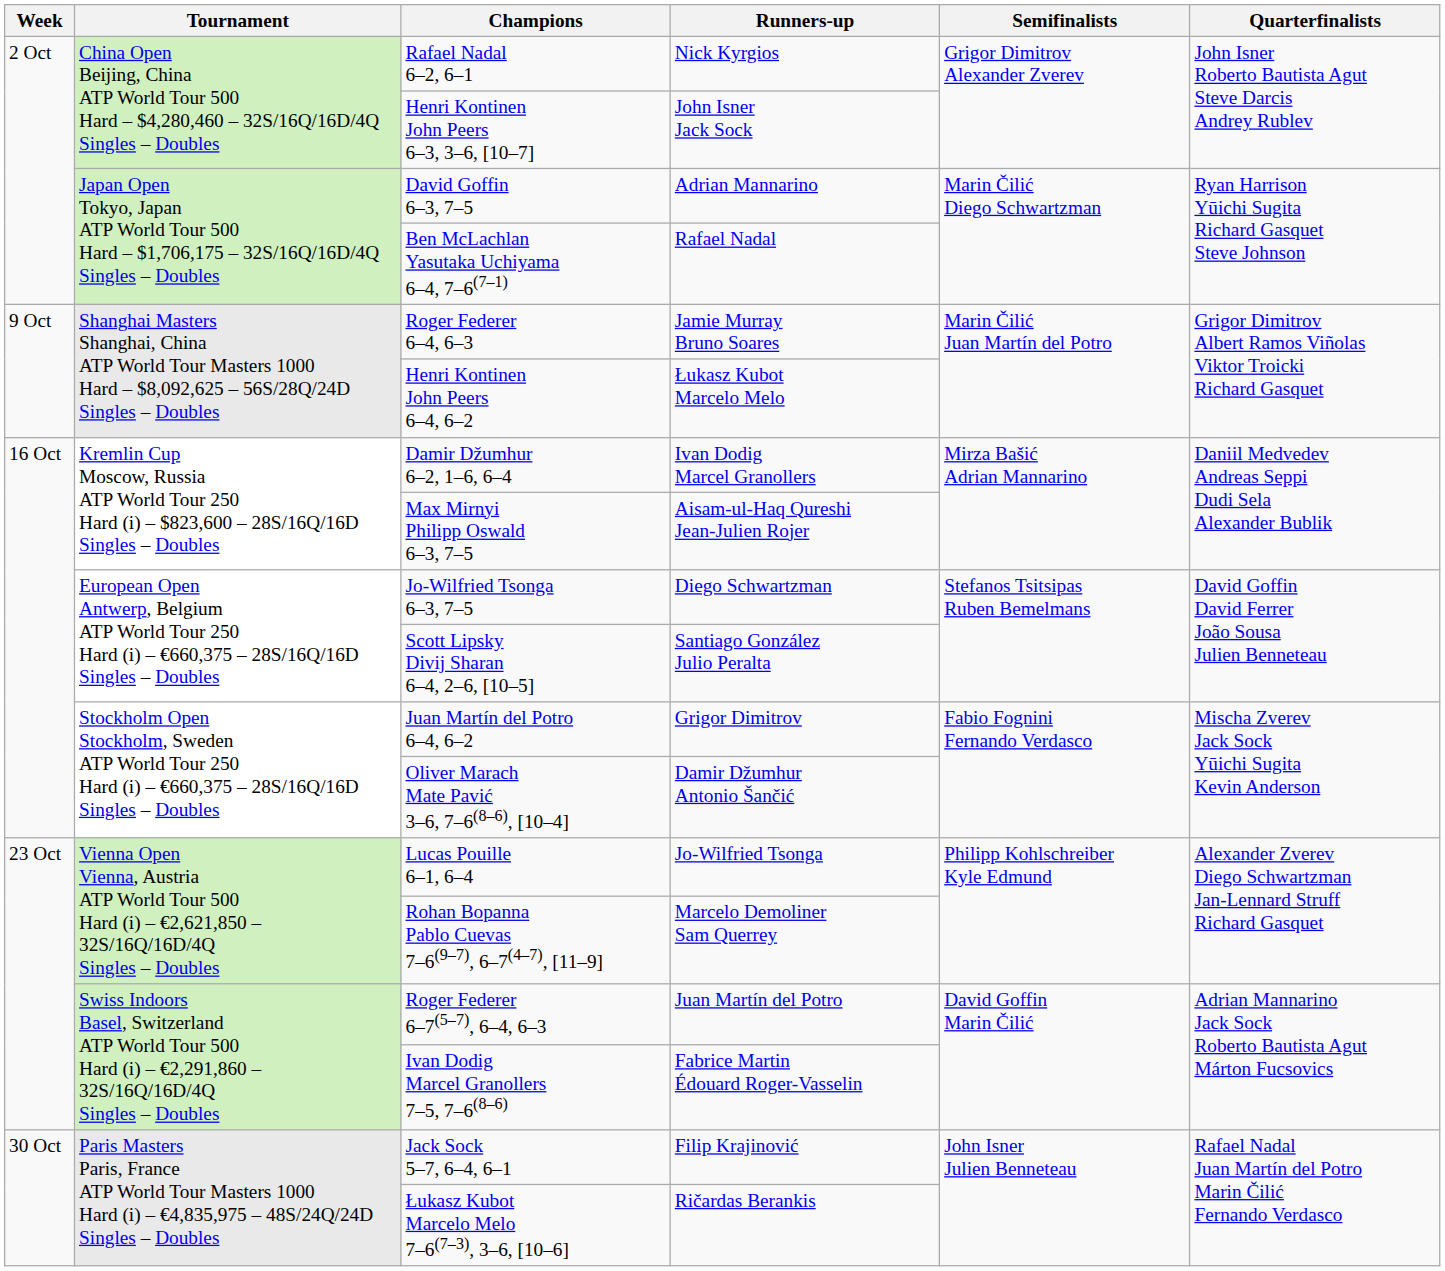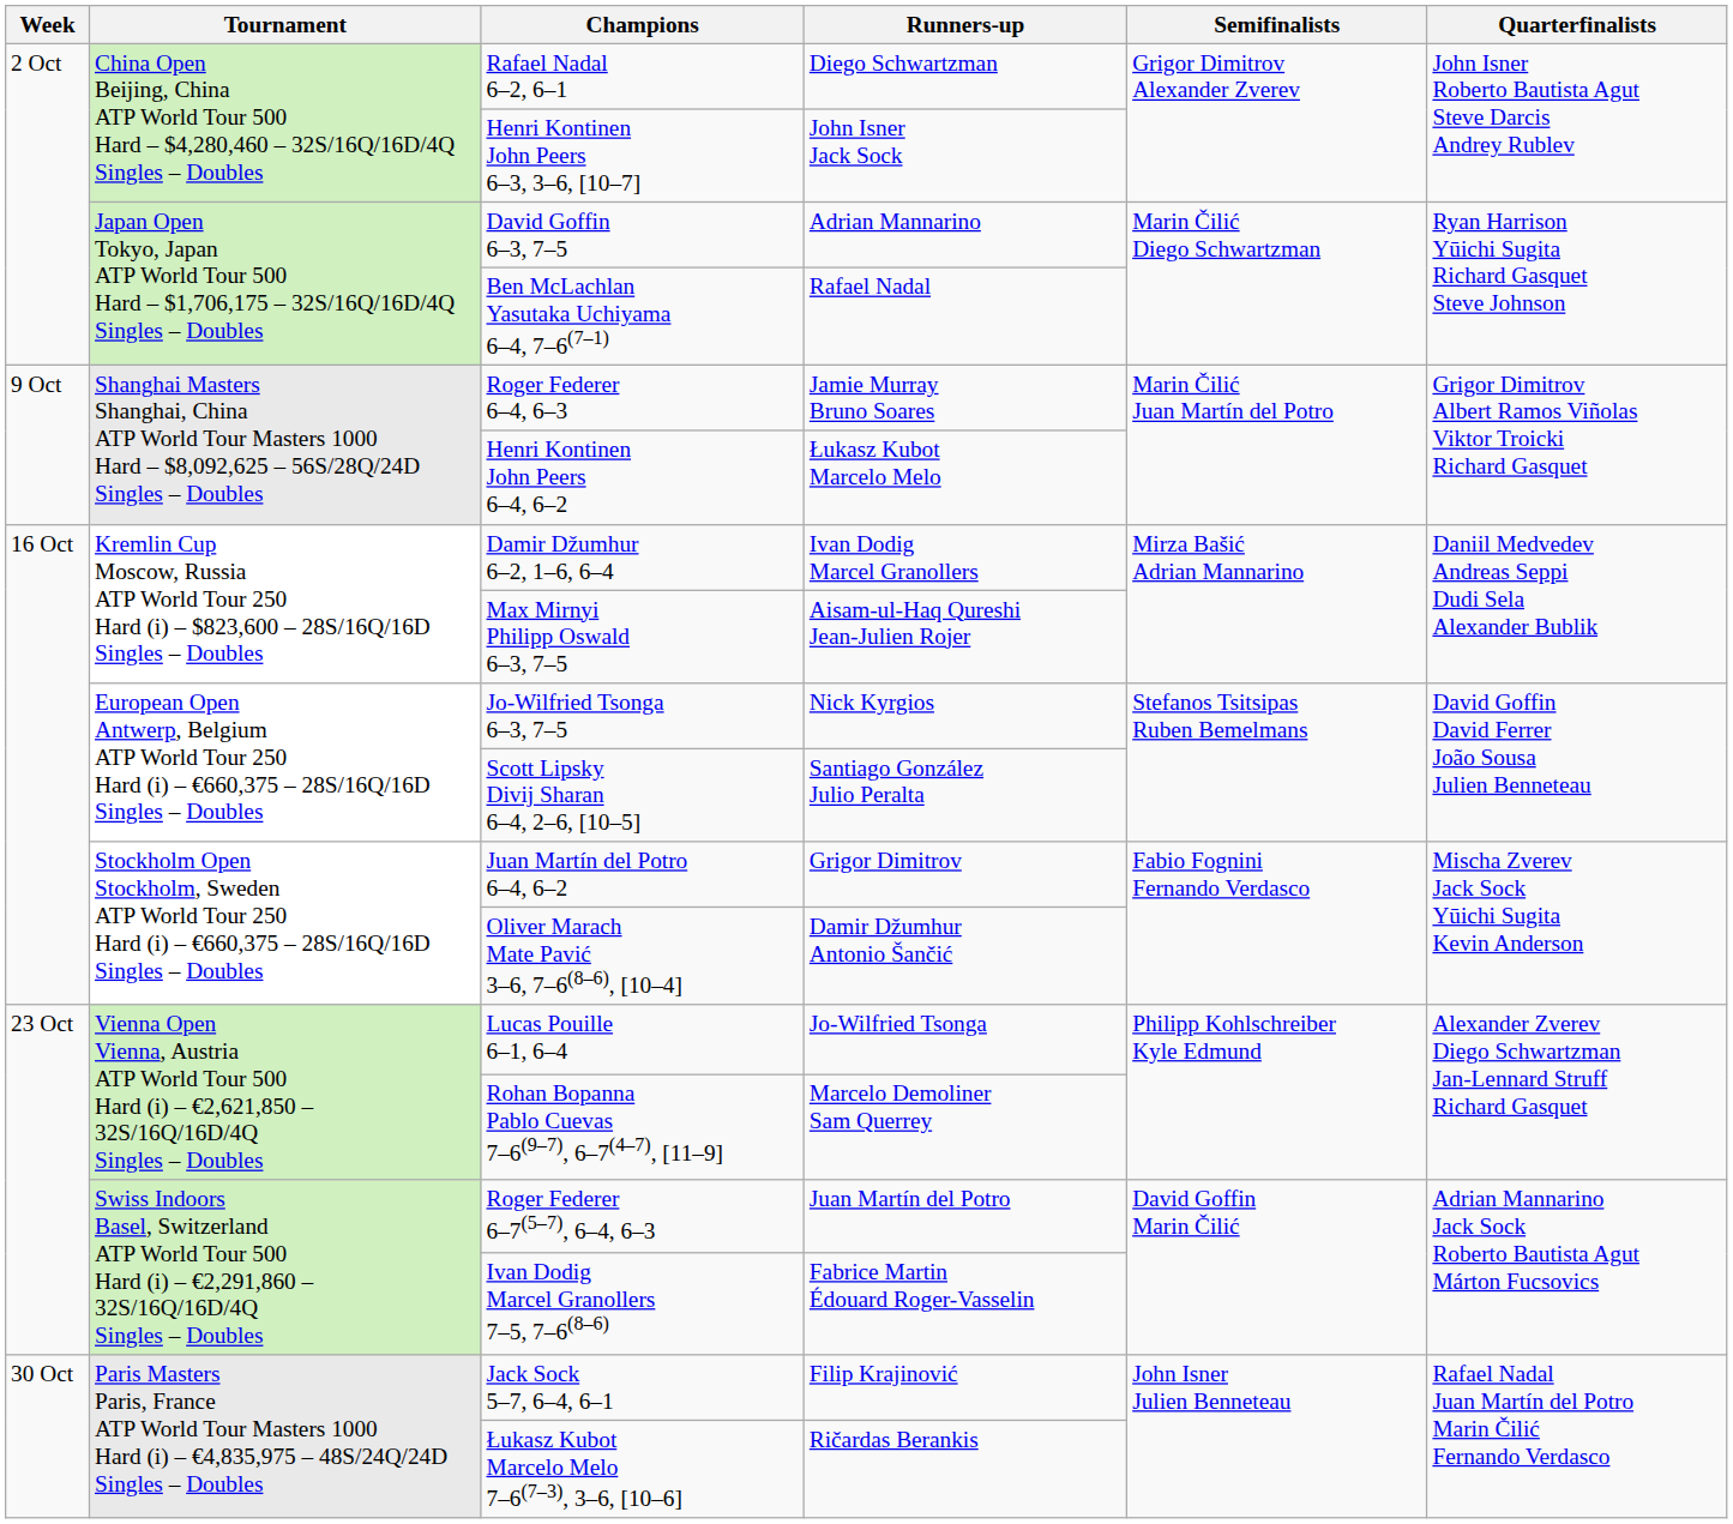 <table class=wikitable style=font-size:95%>
 <tr>
 <th style="width:48px;">Week</th>
 <th style="width:250px;">Tournament</th>
 <th style="width:205px;">Champions</th>
 <th style="width:205px;">Runners-up</th>
 <th style="width:190px;">Semifinalists</th>
 <th style="width:190px;">Quarterfinalists</th>
 </tr>
 <tr valign=top>
 <td rowspan=4>2 Oct</td>
 <td bgcolor=#d0f0c0 rowspan=2><a href='#'>China Open</a><br>Beijing, China<br>ATP World Tour 500<br>Hard – $4,280,460 – 32S/16Q/16D/4Q<br><a href='#'>Singles</a> – <a href='#'>Doubles</a></td>
 <td> <a href='#'>Rafael Nadal</a><br>6–2, 6–1</td>
-<td> <a href='#'>Nick Kyrgios</a></td>
+<td> <a href='#'>Diego Schwartzman</a></td>
 <td rowspan=2> <a href='#'>Grigor Dimitrov</a><br> <a href='#'>Alexander Zverev</a></td>
 <td rowspan=2> <a href='#'>John Isner</a><br> <a href='#'>Roberto Bautista Agut</a><br> <a href='#'>Steve Darcis</a><br> <a href='#'>Andrey Rublev</a></td>
 </tr>
 <tr valign=top>
 <td> <a href='#'>Henri Kontinen</a><br> <a href='#'>John Peers</a><br>6–3, 3–6, [10–7]</td>
 <td> <a href='#'>John Isner</a><br> <a href='#'>Jack Sock</a></td>
 </tr>
 <tr valign=top>
 <td bgcolor=#d0f0c0 rowspan=2><a href='#'>Japan Open</a><br> Tokyo, Japan<br>ATP World Tour 500<br>Hard – $1,706,175 – 32S/16Q/16D/4Q<br><a href='#'>Singles</a> – <a href='#'>Doubles</a></td>
 <td> <a href='#'>David Goffin</a><br>6–3, 7–5</td>
 <td> <a href='#'>Adrian Mannarino</a></td>
 <td rowspan=2> <a href='#'>Marin Čilić</a><br> <a href='#'>Diego Schwartzman</a></td>
 <td rowspan=2> <a href='#'>Ryan Harrison</a><br> <a href='#'>Yūichi Sugita</a><br> <a href='#'>Richard Gasquet</a><br> <a href='#'>Steve Johnson</a></td>
 </tr>
 <tr valign=top>
 <td> <a href='#'>Ben McLachlan</a><br> <a href='#'>Yasutaka Uchiyama</a><br>6–4, 7–6<sup>(7–1)</sup></td>
 <td> <a href='#'>Rafael Nadal</a></td>
 </tr>
 <tr valign=top>
 <td rowspan=2>9 Oct</td>
 <td bgcolor=#E9E9E9 rowspan=2><a href='#'>Shanghai Masters</a><br> Shanghai, China<br>ATP World Tour Masters 1000<br>Hard – $8,092,625 – 56S/28Q/24D<br><a href='#'>Singles</a> – <a href='#'>Doubles</a></td>
 <td> <a href='#'>Roger Federer</a><br>6–4, 6–3</td>
 <td> <a href='#'>Jamie Murray</a><br> <a href='#'>Bruno Soares</a></td>
 <td rowspan=2> <a href='#'>Marin Čilić</a><br> <a href='#'>Juan Martín del Potro</a></td>
 <td rowspan=2> <a href='#'>Grigor Dimitrov</a> <br> <a href='#'>Albert Ramos Viñolas</a> <br> <a href='#'>Viktor Troicki</a><br> <a href='#'>Richard Gasquet</a></td>
 </tr>
 <tr valign=top>
 <td> <a href='#'>Henri Kontinen</a><br> <a href='#'>John Peers</a><br>6–4, 6–2</td>
 <td> <a href='#'>Łukasz Kubot</a><br> <a href='#'>Marcelo Melo</a></td>
 </tr>
 <tr valign=top>
 <td rowspan=6>16 Oct</td>
 <td bgcolor=#ffffff rowspan=2><a href='#'>Kremlin Cup</a><br> Moscow, Russia<br>ATP World Tour 250<br>Hard (i) – $823,600 – 28S/16Q/16D<br><a href='#'>Singles</a> – <a href='#'>Doubles</a></td>
 <td> <a href='#'>Damir Džumhur</a><br>6–2, 1–6, 6–4</td>
 <td> <a href='#'>Ivan Dodig</a><br>  <a href='#'>Marcel Granollers</a></td>
 <td rowspan=2> <a href='#'>Mirza Bašić</a><br> <a href='#'>Adrian Mannarino</a></td>
 <td rowspan=2> <a href='#'>Daniil Medvedev</a><br> <a href='#'>Andreas Seppi</a><br> <a href='#'>Dudi Sela</a><br> <a href='#'>Alexander Bublik</a></td>
 </tr>
 <tr valign=top>
 <td> <a href='#'>Max Mirnyi</a><br> <a href='#'>Philipp Oswald</a><br>6–3, 7–5</td>
 <td> <a href='#'>Aisam-ul-Haq Qureshi</a><br> <a href='#'>Jean-Julien Rojer</a></td>
 </tr>
 <tr valign=top>
 <td bgcolor=#ffffff rowspan=2><a href='#'>European Open</a><br><a href='#'>Antwerp</a>, Belgium<br>ATP World Tour 250<br>Hard (i) – €660,375 – 28S/16Q/16D<br><a href='#'>Singles</a> – <a href='#'>Doubles</a></td>
 <td> <a href='#'>Jo-Wilfried Tsonga</a><br>6–3, 7–5</td>
-<td> <a href='#'>Diego Schwartzman</a></td>
+<td> <a href='#'>Nick Kyrgios</a></td>
 <td rowspan=2> <a href='#'>Stefanos Tsitsipas</a><br> <a href='#'>Ruben Bemelmans</a></td>
 <td rowspan=2> <a href='#'>David Goffin</a><br> <a href='#'>David Ferrer</a><br>  <a href='#'>João Sousa</a><br> <a href='#'>Julien Benneteau</a></td>
 </tr>
 <tr valign=top>
 <td> <a href='#'>Scott Lipsky</a><br> <a href='#'>Divij Sharan</a><br>6–4, 2–6, [10–5]</td>
 <td> <a href='#'>Santiago González</a><br> <a href='#'>Julio Peralta</a></td>
 </tr>
 <tr valign=top>
 <td bgcolor=#ffffff rowspan=2><a href='#'>Stockholm Open</a><br> <a href='#'>Stockholm</a>, Sweden<br>ATP World Tour 250<br>Hard (i) – €660,375 – 28S/16Q/16D<br><a href='#'>Singles</a> – <a href='#'>Doubles</a></td>
 <td> <a href='#'>Juan Martín del Potro</a><br>6–4, 6–2</td>
 <td> <a href='#'>Grigor Dimitrov</a></td>
 <td rowspan=2> <a href='#'>Fabio Fognini</a><br> <a href='#'>Fernando Verdasco</a></td>
 <td rowspan=2> <a href='#'>Mischa Zverev</a><br> <a href='#'>Jack Sock</a><br> <a href='#'>Yūichi Sugita</a><br> <a href='#'>Kevin Anderson</a></td>
 </tr>
 <tr valign=top>
 <td> <a href='#'>Oliver Marach</a><br> <a href='#'>Mate Pavić</a><br>3–6, 7–6<sup>(8–6)</sup>, [10–4]</td>
 <td> <a href='#'>Damir Džumhur</a> <br>  <a href='#'>Antonio Šančić</a></td>
 </tr>
 <tr valign=top>
 <td rowspan=4>23 Oct</td>
 <td bgcolor=#d0f0c0 rowspan=2><a href='#'>Vienna Open</a><br> <a href='#'>Vienna</a>, Austria<br>ATP World Tour 500<br>Hard (i) – €2,621,850 – 32S/16Q/16D/4Q<br><a href='#'>Singles</a> – <a href='#'>Doubles</a></td>
 <td> <a href='#'>Lucas Pouille</a><br>6–1, 6–4</td>
 <td> <a href='#'>Jo-Wilfried Tsonga</a></td>
 <td rowspan=2> <a href='#'>Philipp Kohlschreiber</a><br> <a href='#'>Kyle Edmund</a></td>
 <td rowspan=2> <a href='#'>Alexander Zverev</a><br> <a href='#'>Diego Schwartzman</a><br>  <a href='#'>Jan-Lennard Struff</a><br> <a href='#'>Richard Gasquet</a></td>
 </tr>
 <tr valign=top>
 <td> <a href='#'>Rohan Bopanna</a><br> <a href='#'>Pablo Cuevas</a><br>7–6<sup>(9–7)</sup>, 6–7<sup>(4–7)</sup>, [11–9]</td>
 <td> <a href='#'>Marcelo Demoliner</a><br> <a href='#'>Sam Querrey</a></td>
 </tr>
 <tr valign=top>
 <td bgcolor=#d0f0c0 rowspan=2><a href='#'>Swiss Indoors</a><br> <a href='#'>Basel</a>, Switzerland<br>ATP World Tour 500<br>Hard (i) – €2,291,860 – 32S/16Q/16D/4Q<br><a href='#'>Singles</a> – <a href='#'>Doubles</a></td>
 <td> <a href='#'>Roger Federer</a><br>6–7<sup>(5–7)</sup>, 6–4, 6–3</td>
 <td> <a href='#'>Juan Martín del Potro</a></td>
 <td rowspan=2> <a href='#'>David Goffin</a><br> <a href='#'>Marin Čilić</a></td>
 <td rowspan=2> <a href='#'>Adrian Mannarino</a><br> <a href='#'>Jack Sock</a><br>  <a href='#'>Roberto Bautista Agut</a><br> <a href='#'>Márton Fucsovics</a></td>
 </tr>
 <tr valign=top>
 <td> <a href='#'>Ivan Dodig</a><br> <a href='#'>Marcel Granollers</a><br>7–5, 7–6<sup>(8–6)</sup></td>
 <td> <a href='#'>Fabrice Martin</a><br> <a href='#'>Édouard Roger-Vasselin</a></td>
 </tr>
 <tr valign=top>
 <td rowspan=2>30 Oct</td>
 <td bgcolor=#E9E9E9 rowspan=2><a href='#'>Paris Masters</a><br> Paris, France<br>ATP World Tour Masters 1000<br>Hard (i) – €4,835,975 – 48S/24Q/24D<br><a href='#'>Singles</a> – <a href='#'>Doubles</a></td>
 <td> <a href='#'>Jack Sock</a><br>5–7, 6–4, 6–1</td>
 <td> <a href='#'>Filip Krajinović</a></td>
 <td rowspan=2> <a href='#'>John Isner</a><br>  <a href='#'>Julien Benneteau</a></td>
 <td rowspan=2> <a href='#'>Rafael Nadal</a><br> <a href='#'>Juan Martín del Potro</a> <br>  <a href='#'>Marin Čilić</a><br>  <a href='#'>Fernando Verdasco</a></td>
 </tr>
 <tr valign=top>
 <td> <a href='#'>Łukasz Kubot</a><br>  <a href='#'>Marcelo Melo</a><br>7–6<sup>(7–3)</sup>, 3–6, [10–6]</td>
 <td> <a href='#'>Ričardas Berankis</a></td>
 </tr>
 </table>
